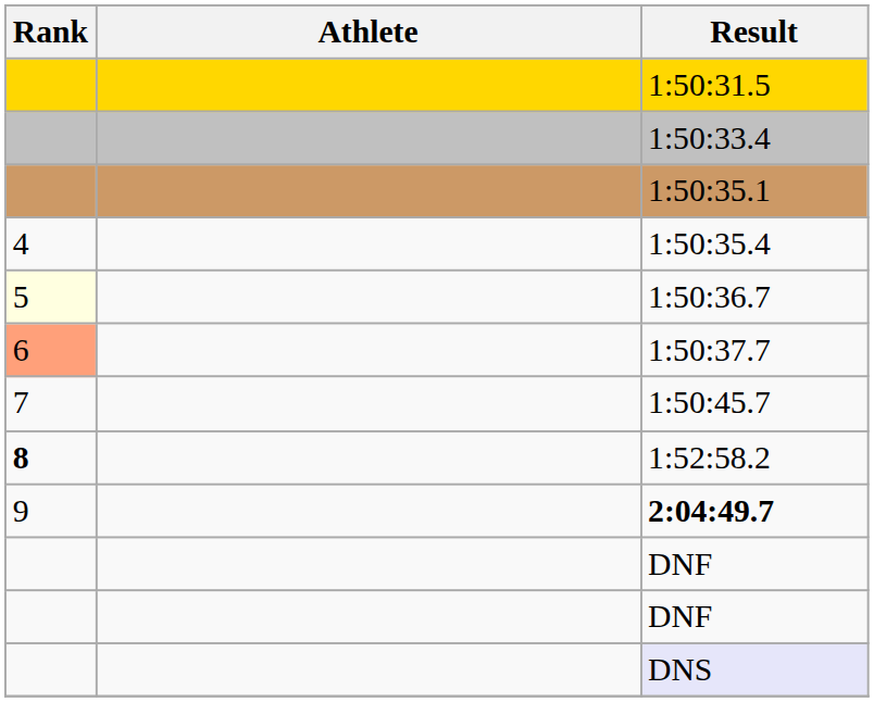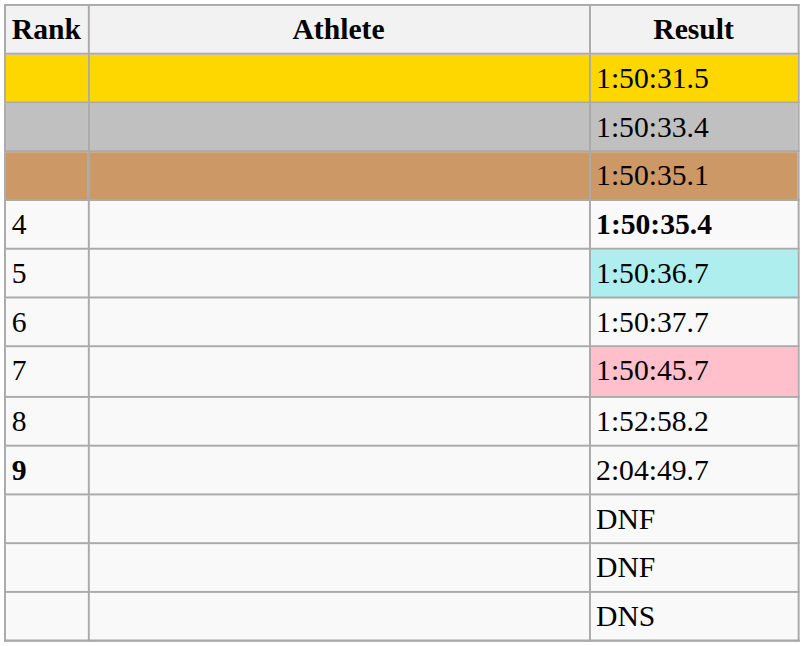 <table class="wikitable" style="font-size:95%" style="width:35em;" style="text-align:center">
 <tr>
 <th>Rank</th>
 <th width=250>Athlete</th>
 <th width=100>Result</th>
 </tr>
 <tr bgcolor=gold>
 <td></td>
 <td align=left></td>
 <td>1:50:31.5</td>
 </tr>
 <tr bgcolor=silver>
 <td></td>
 <td align=left></td>
 <td>1:50:33.4</td>
 </tr>
 <tr bgcolor=cc9966>
 <td></td>
 <td align=left></td>
 <td>1:50:35.1</td>
 </tr>
 <tr>
 <td>4</td>
 <td align=left></td>
-<td>1:50:35.4</td>
+<td><strong>1:50:35.4</strong></td>
 </tr>
 <tr>
-<td style="background: lightyellow;">5</td>
+<td>5</td>
 <td align=left></td>
-<td>1:50:36.7</td>
+<td style="background: paleturquoise;">1:50:36.7</td>
 </tr>
 <tr>
-<td style="background: lightsalmon;">6</td>
+<td>6</td>
 <td align=left></td>
 <td>1:50:37.7</td>
 </tr>
 <tr>
 <td>7</td>
 <td align=left></td>
-<td>1:50:45.7</td>
+<td style="background: pink;">1:50:45.7</td>
 </tr>
 <tr>
-<td><strong>8</strong></td>
+<td>8</td>
 <td align=left></td>
 <td>1:52:58.2</td>
 </tr>
 <tr>
-<td>9</td>
+<td><strong>9</strong></td>
 <td align=left></td>
-<td><strong>2:04:49.7</strong></td>
+<td>2:04:49.7</td>
 </tr>
 <tr>
 <td></td>
 <td align=left></td>
 <td>DNF</td>
 </tr>
 <tr>
 <td></td>
 <td align=left></td>
 <td>DNF</td>
 </tr>
 <tr>
 <td></td>
 <td align=left></td>
-<td style="background: lavender;">DNS</td>
+<td>DNS</td>
 </tr>
 <tr>
 </tr>
 </table>
